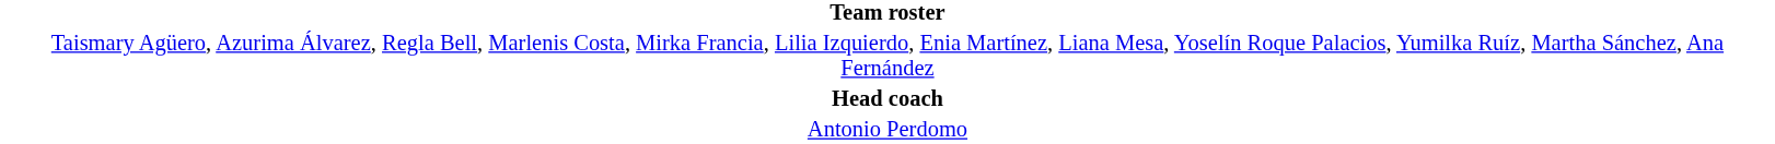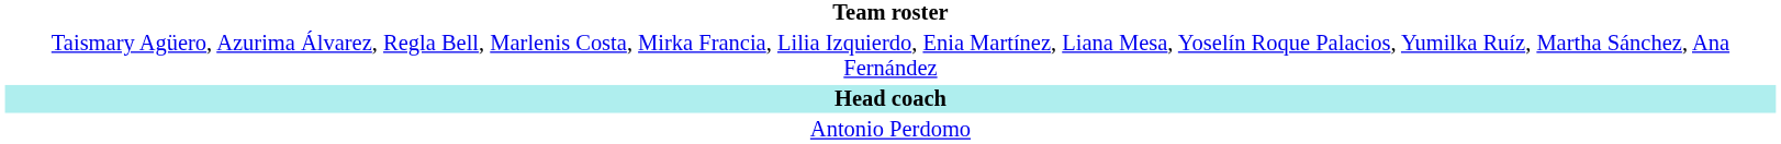 <table style="text-align:center; margin-top:2em; margin-left:auto; margin-right:auto">
 <tr>
 <td><strong>Team roster</strong></td>
 </tr>
 <tr>
 <td><a href='#'>Taismary Agüero</a>, <a href='#'>Azurima Álvarez</a>, <a href='#'>Regla Bell</a>, <a href='#'>Marlenis Costa</a>, <a href='#'>Mirka Francia</a>, <a href='#'>Lilia Izquierdo</a>, <a href='#'>Enia Martínez</a>, <a href='#'>Liana Mesa</a>, <a href='#'>Yoselín Roque Palacios</a>, <a href='#'>Yumilka Ruíz</a>, <a href='#'>Martha Sánchez</a>, <a href='#'>Ana Fernández</a></td>
 </tr>
 <tr>
-<td><strong>Head coach</strong></td>
+<td style="background: paleturquoise;"><strong>Head coach</strong></td>
 </tr>
 <tr>
 <td><a href='#'>Antonio Perdomo</a></td>
 </tr>
 <tr>
 </tr>
 </table>
